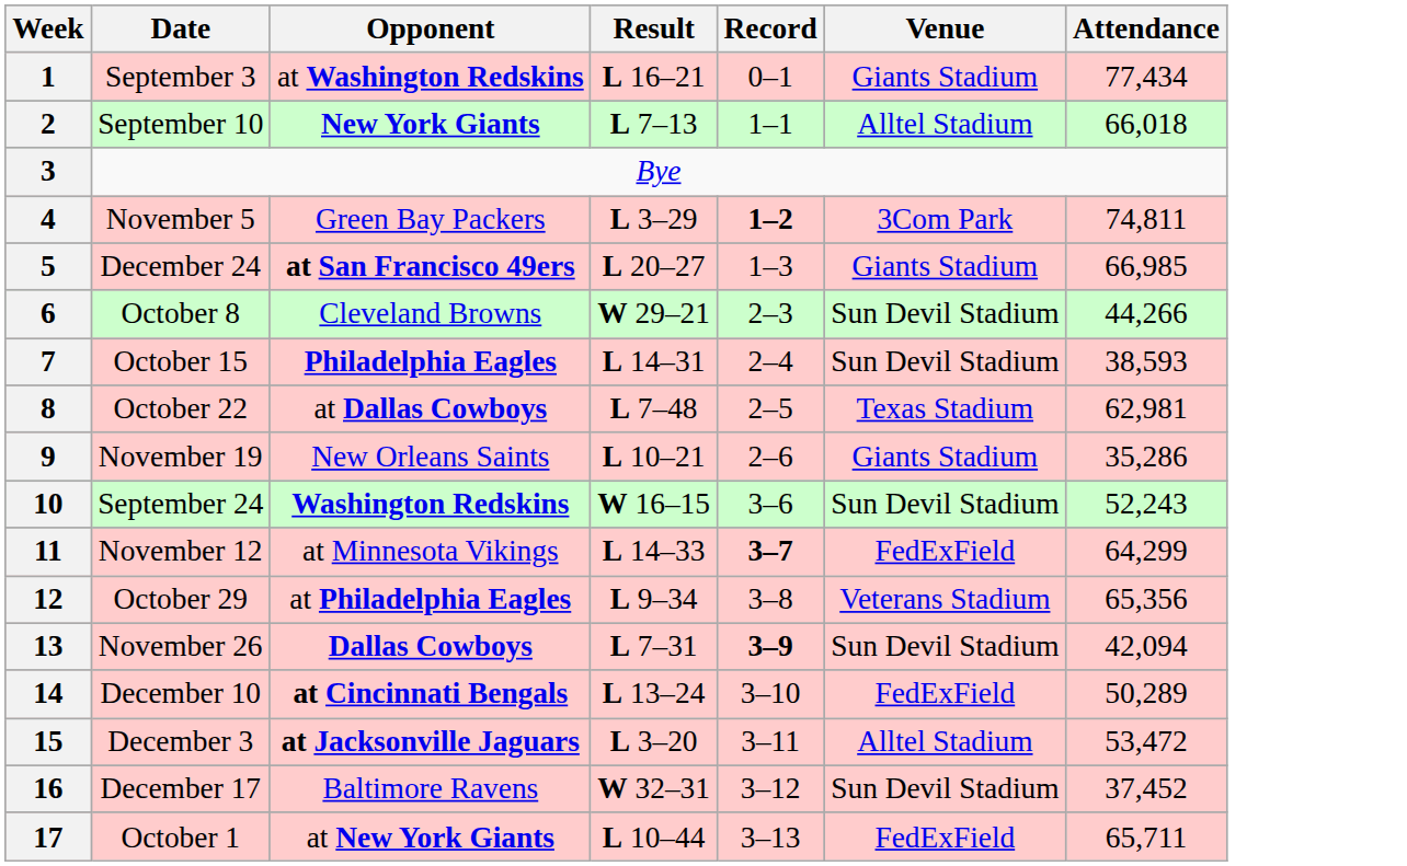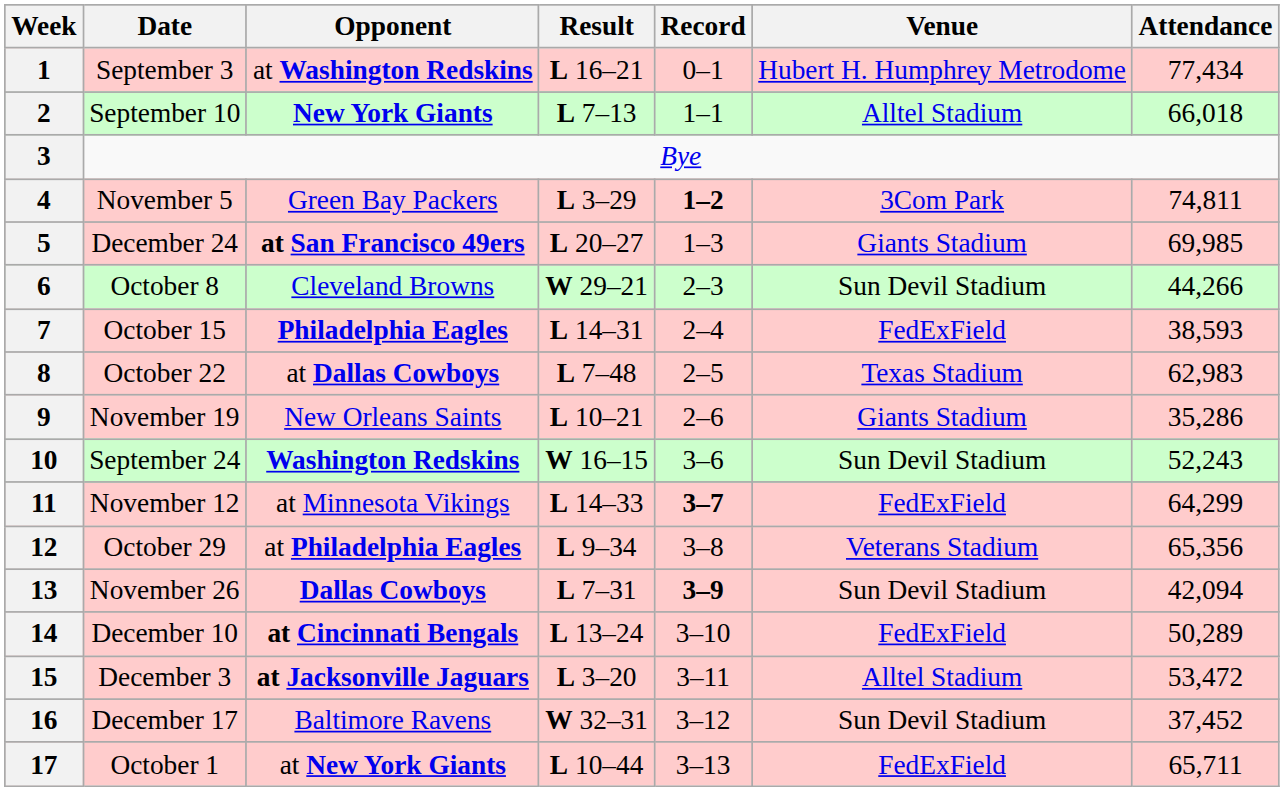 <table class="wikitable" style="text-align:center">
 <tr>
 <th>Week</th>
 <th>Date</th>
 <th>Opponent</th>
 <th>Result</th>
 <th>Record</th>
 <th>Venue</th>
 <th>Attendance</th>
 </tr>
 <tr style="background:#fcc">
 <th>1</th>
 <td>September 3</td>
 <td>at <strong><a href='#'>Washington Redskins</a></strong></td>
 <td><strong>L</strong> 16–21</td>
 <td>0–1</td>
-<td><a href='#'>Giants Stadium</a></td>
+<td><a href='#'>Hubert H. Humphrey Metrodome</a></td>
 <td>77,434</td>
 </tr>
 <tr style="background:#cfc">
 <th>2</th>
 <td>September 10</td>
 <td><strong><a href='#'>New York Giants</a></strong></td>
 <td><strong>L</strong> 7–13</td>
 <td>1–1</td>
 <td><a href='#'>Alltel Stadium</a></td>
 <td>66,018</td>
 </tr>
 <tr>
 <th>3</th>
 <td colspan="7"><em><a href='#'>Bye</a></em></td>
 </tr>
 <tr style="background:#fcc">
 <th>4</th>
 <td>November 5</td>
 <td><a href='#'>Green Bay Packers</a></td>
 <td><strong>L</strong> 3–29</td>
 <td><strong>1–2</strong></td>
 <td><a href='#'>3Com Park</a></td>
 <td>74,811</td>
 </tr>
 <tr style="background:#fcc">
 <th>5</th>
 <td>December 24</td>
 <td><strong>at <a href='#'>San Francisco 49ers</a></strong></td>
 <td><strong>L</strong> 20–27</td>
 <td>1–3</td>
 <td><a href='#'>Giants Stadium</a></td>
-<td>66,985</td>
+<td>69,985</td>
 </tr>
 <tr style="background:#cfc">
 <th>6</th>
 <td>October 8</td>
 <td><a href='#'>Cleveland Browns</a></td>
 <td><strong>W</strong> 29–21</td>
 <td>2–3</td>
 <td>Sun Devil Stadium</td>
 <td>44,266</td>
 </tr>
 <tr style="background:#fcc">
 <th>7</th>
 <td>October 15</td>
 <td><strong><a href='#'>Philadelphia Eagles</a></strong></td>
 <td><strong>L</strong> 14–31</td>
 <td>2–4</td>
-<td>Sun Devil Stadium</td>
+<td><a href='#'>FedExField</a></td>
 <td>38,593</td>
 </tr>
 <tr style="background:#fcc">
 <th>8</th>
 <td>October 22</td>
 <td>at <strong><a href='#'>Dallas Cowboys</a></strong></td>
 <td><strong>L</strong> 7–48</td>
 <td>2–5</td>
 <td><a href='#'>Texas Stadium</a></td>
-<td>62,981</td>
+<td>62,983</td>
 </tr>
 <tr style="background:#fcc">
 <th>9</th>
 <td>November 19</td>
 <td><a href='#'>New Orleans Saints</a></td>
 <td><strong>L</strong> 10–21</td>
 <td>2–6</td>
 <td><a href='#'>Giants Stadium</a></td>
 <td>35,286</td>
 </tr>
 <tr style="background:#cfc">
 <th>10</th>
 <td>September 24</td>
 <td><strong><a href='#'>Washington Redskins</a></strong></td>
 <td><strong>W</strong> 16–15</td>
 <td>3–6</td>
 <td>Sun Devil Stadium</td>
 <td>52,243</td>
 </tr>
 <tr style="background:#fcc">
 <th>11</th>
 <td>November 12</td>
 <td>at <a href='#'>Minnesota Vikings</a></td>
 <td><strong>L</strong> 14–33</td>
 <td><strong>3–7</strong></td>
 <td><a href='#'>FedExField</a></td>
 <td>64,299</td>
 </tr>
 <tr style="background:#fcc">
 <th>12</th>
 <td>October 29</td>
 <td>at <strong><a href='#'>Philadelphia Eagles</a></strong></td>
 <td><strong>L</strong> 9–34</td>
 <td>3–8</td>
 <td><a href='#'>Veterans Stadium</a></td>
 <td>65,356</td>
 </tr>
 <tr style="background:#fcc">
 <th>13</th>
 <td>November 26</td>
 <td><strong><a href='#'>Dallas Cowboys</a></strong></td>
 <td><strong>L</strong> 7–31</td>
 <td><strong>3–9</strong></td>
 <td>Sun Devil Stadium</td>
 <td>42,094</td>
 </tr>
 <tr style="background:#fcc">
 <th>14</th>
 <td>December 10</td>
 <td><strong>at <a href='#'>Cincinnati Bengals</a></strong></td>
 <td><strong>L</strong> 13–24</td>
 <td>3–10</td>
 <td><a href='#'>FedExField</a></td>
 <td>50,289</td>
 </tr>
 <tr style="background:#fcc">
 <th>15</th>
 <td>December 3</td>
 <td><strong>at <a href='#'>Jacksonville Jaguars</a></strong></td>
 <td><strong>L</strong> 3–20</td>
 <td>3–11</td>
 <td><a href='#'>Alltel Stadium</a></td>
 <td>53,472</td>
 </tr>
 <tr style="background:#fcc">
 <th>16</th>
 <td>December 17</td>
 <td><a href='#'>Baltimore Ravens</a></td>
 <td><strong>W</strong> 32–31</td>
 <td>3–12</td>
 <td>Sun Devil Stadium</td>
 <td>37,452</td>
 </tr>
 <tr style="background:#fcc">
 <th>17</th>
 <td>October 1</td>
 <td>at <strong><a href='#'>New York Giants</a></strong></td>
 <td><strong>L</strong> 10–44</td>
 <td>3–13</td>
 <td><a href='#'>FedExField</a></td>
 <td>65,711</td>
 </tr>
 </table>
